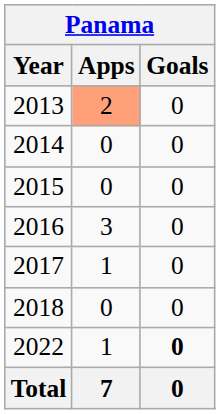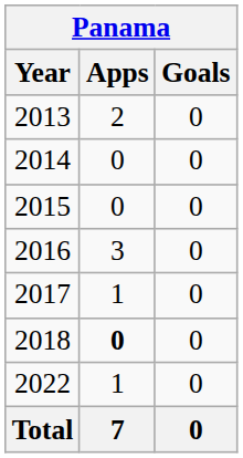 <table class="wikitable" style="text-align:center">
 <tr>
 <th colspan=3><a href='#'>Panama</a></th>
 </tr>
 <tr>
 <th>Year</th>
 <th>Apps</th>
 <th>Goals</th>
 </tr>
 <tr>
 <td>2013</td>
-<td style="background: lightsalmon;">2</td>
+<td>2</td>
 <td>0</td>
 </tr>
 <tr>
 <td>2014</td>
 <td>0</td>
 <td>0</td>
 </tr>
 <tr>
 <td>2015</td>
 <td>0</td>
 <td>0</td>
 </tr>
 <tr>
 <td>2016</td>
 <td>3</td>
 <td>0</td>
 </tr>
 <tr>
 <td>2017</td>
 <td>1</td>
 <td>0</td>
 </tr>
 <tr>
 <td>2018</td>
-<td>0</td>
+<td><strong>0</strong></td>
 <td>0</td>
 </tr>
 <tr>
 <td>2022</td>
 <td>1</td>
-<td><strong>0</strong></td>
+<td>0</td>
 </tr>
 <tr>
 <th>Total</th>
 <th>7</th>
 <th>0</th>
 </tr>
 </table>
